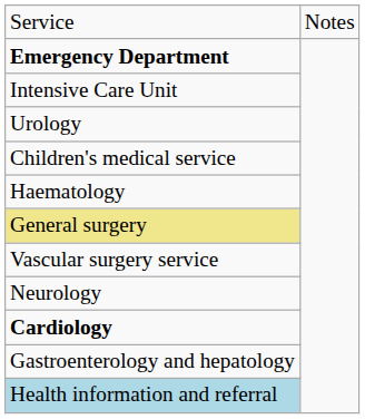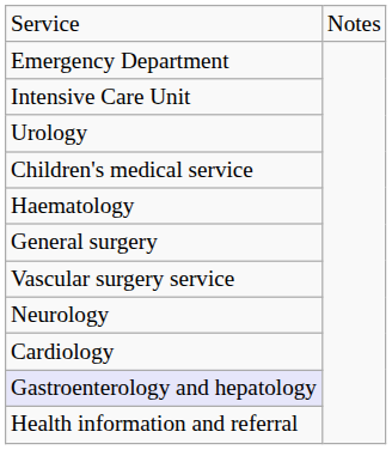 <table class="wikitable">
 <tr>
 <td>Service</td>
 <td>Notes</td>
 </tr>
 <tr>
-<td><strong>Emergency Department</strong></td>
+<td>Emergency Department</td>
 </tr>
 <tr>
 <td>Intensive Care Unit</td>
 </tr>
 <tr>
 <td>Urology</td>
 </tr>
 <tr>
 <td>Children's medical service</td>
 </tr>
 <tr>
 <td>Haematology</td>
 </tr>
 <tr>
-<td style="background: khaki;">General surgery</td>
+<td>General surgery</td>
 </tr>
 <tr Obstetrics and Gynaecology>
 <td>Vascular surgery service</td>
 </tr>
 <tr>
 <td>Neurology</td>
 </tr>
 <tr>
-<td><strong>Cardiology</strong></td>
+<td>Cardiology</td>
 </tr>
 <tr>
-<td>Gastroenterology and hepatology</td>
+<td style="background: lavender;">Gastroenterology and hepatology</td>
 </tr>
 <tr>
-<td style="background: lightblue;">Health information and referral</td>
+<td>Health information and referral</td>
 </tr>
 </table>
